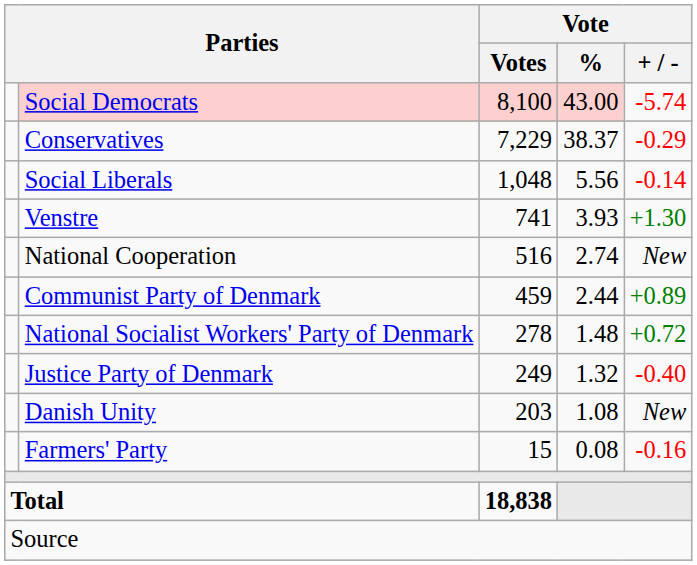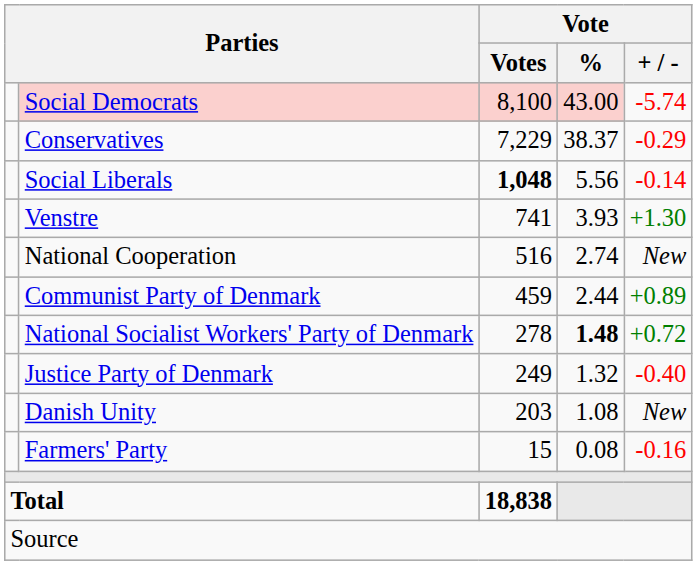 <table class="wikitable" style="text-align:right;">
 <tr>
 <th style="text-align:centre;" rowspan="2" colspan="2" width="225">Parties</th>
 <th colspan="3">Vote</th>
 </tr>
 <tr>
 <th width="15">Votes</th>
 <th width="15">%</th>
 <th width="15">+ / -</th>
 </tr>
 <tr>
 <td width="2" style="color:inherit;background:"></td>
 <td bgcolor=#fbd0ce  align="left"><a href='#'>Social Democrats</a></td>
 <td bgcolor=#fbd0ce>8,100</td>
 <td bgcolor=#fbd0ce>43.00</td>
 <td style=color:red;>-5.74</td>
 </tr>
 <tr>
 <td width="2" style="color:inherit;background:"></td>
 <td align="left"><a href='#'>Conservatives</a></td>
 <td>7,229</td>
 <td>38.37</td>
 <td style=color:red;>-0.29</td>
 </tr>
 <tr>
 <td width="2" style="color:inherit;background:"></td>
 <td align="left"><a href='#'>Social Liberals</a></td>
-<td>1,048</td>
+<td><strong>1,048</strong></td>
 <td>5.56</td>
 <td style=color:red;>-0.14</td>
 </tr>
 <tr>
 <td width="2" style="color:inherit;background:"></td>
 <td align="left"><a href='#'>Venstre</a></td>
 <td>741</td>
 <td>3.93</td>
 <td style=color:green;>+1.30</td>
 </tr>
 <tr>
 <td width="2" style="color:inherit;background:"></td>
 <td align="left">National Cooperation</td>
 <td>516</td>
 <td>2.74</td>
 <td><em>New</em></td>
 </tr>
 <tr>
 <td width="2" style="color:inherit;background:"></td>
 <td align="left"><a href='#'>Communist Party of Denmark</a></td>
 <td>459</td>
 <td>2.44</td>
 <td style=color:green;>+0.89</td>
 </tr>
 <tr>
 <td width="2" style="color:inherit;background:"></td>
 <td align="left"><a href='#'>National Socialist Workers' Party of Denmark</a></td>
 <td>278</td>
-<td>1.48</td>
+<td><strong>1.48</strong></td>
 <td style=color:green;>+0.72</td>
 </tr>
 <tr>
 <td width="2" style="color:inherit;background:"></td>
 <td align="left"><a href='#'>Justice Party of Denmark</a></td>
 <td>249</td>
 <td>1.32</td>
 <td style=color:red;>-0.40</td>
 </tr>
 <tr>
 <td width="2" style="color:inherit;background:"></td>
 <td align="left"><a href='#'>Danish Unity</a></td>
 <td>203</td>
 <td>1.08</td>
 <td><em>New</em></td>
 </tr>
 <tr>
 <td width="2" style="color:inherit;background:"></td>
 <td align="left"><a href='#'>Farmers' Party</a></td>
 <td>15</td>
 <td>0.08</td>
 <td style=color:red;>-0.16</td>
 </tr>
 <tr>
 <td colspan="7" bgcolor="#E9E9E9"></td>
 </tr>
 <tr>
 <td align="left" colspan="2"><strong>Total</strong></td>
 <td><strong>18,838</strong></td>
 <td bgcolor="#E9E9E9" colspan="2"></td>
 </tr>
 <tr>
 <td align="left" colspan="6">Source</td>
 </tr>
 </table>
